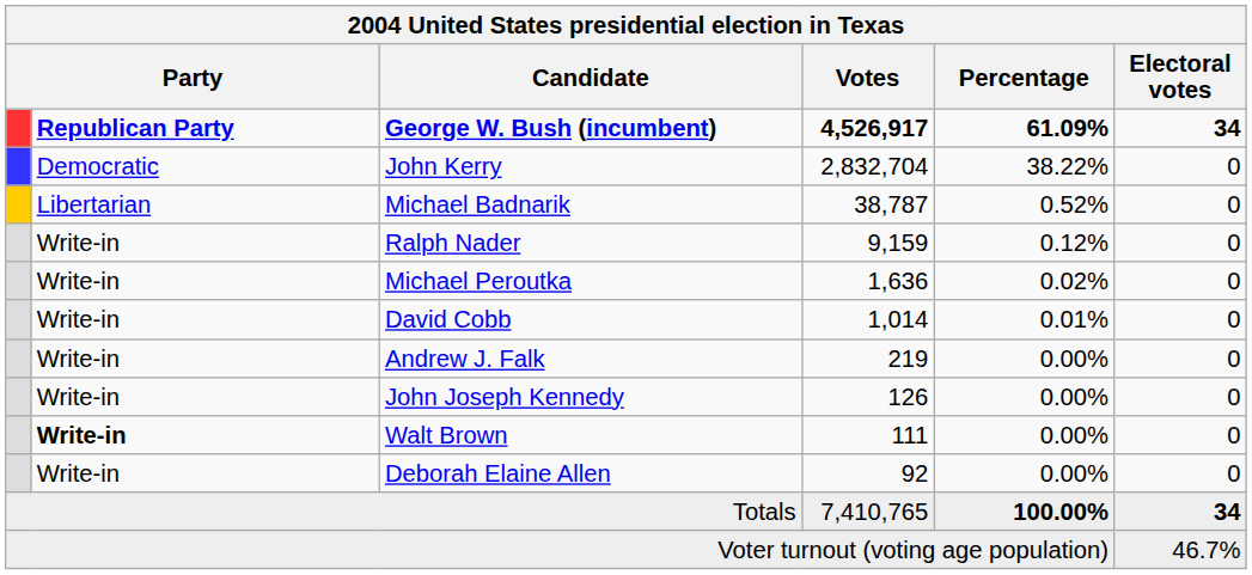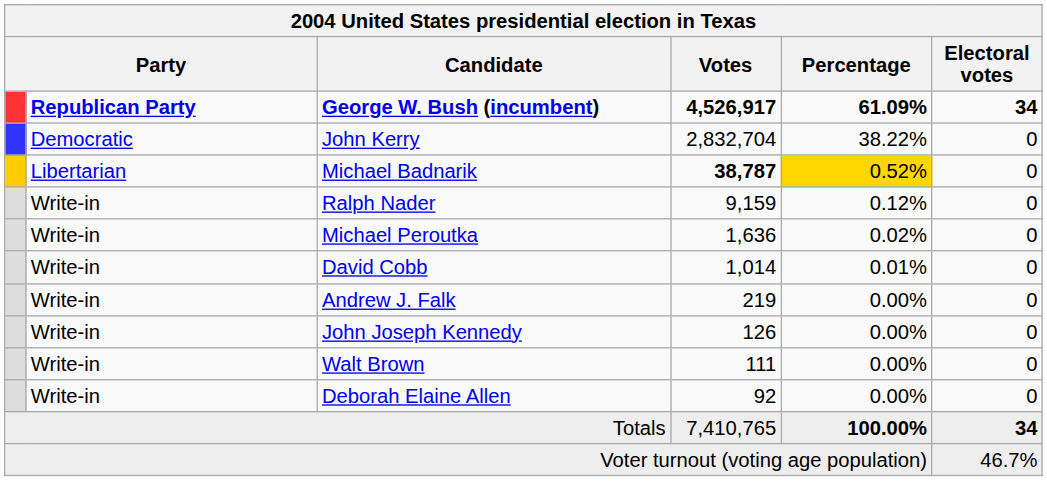 <table class="wikitable" style="font-size: 95%;">
 <tr>
 <th colspan="6">2004 United States presidential election in Texas</th>
 </tr>
 <tr>
 <th colspan="2" style="width: 15em">Party</th>
 <th style="width: 17em">Candidate</th>
 <th style="width: 5em">Votes</th>
 <th style="width: 7em">Percentage</th>
 <th style="width: 5em">Electoral votes</th>
 </tr>
 <tr>
 <th style="background:#f33; width:3px;"></th>
 <td style="width: 130px"><strong><a href='#'>Republican Party</a></strong></td>
 <td><strong><a href='#'>George W. Bush</a> (<a href='#'>incumbent</a>)</strong></td>
 <td style="text-align:right;"><strong>4,526,917</strong></td>
 <td style="text-align:right;"><strong>61.09%</strong></td>
 <td style="text-align:right;"><strong>34</strong></td>
 </tr>
 <tr>
 <th style="background:#33f; width:3px;"></th>
 <td style="width: 130px"><a href='#'>Democratic</a></td>
 <td><a href='#'>John Kerry</a></td>
 <td style="text-align:right;">2,832,704</td>
 <td style="text-align:right;">38.22%</td>
 <td style="text-align:right;">0</td>
 </tr>
 <tr>
 <th style="background:#fc0; width:3px;"></th>
 <td style="width: 130px"><a href='#'>Libertarian</a></td>
 <td><a href='#'>Michael Badnarik</a></td>
-<td style="text-align:right;">38,787</td>
-<td style="text-align:right;">0.52%</td>
+<td style="text-align:right;"><strong>38,787</strong></td>
+<td style="background: gold; text-align:right;">0.52%</td>
 <td style="text-align:right;">0</td>
 </tr>
 <tr>
 <th style="background:#ddd; width:3px;"></th>
 <td style="width: 130px">Write-in</td>
 <td><a href='#'>Ralph Nader</a></td>
 <td style="text-align:right;">9,159</td>
 <td style="text-align:right;">0.12%</td>
 <td style="text-align:right;">0</td>
 </tr>
 <tr>
 <th style="background:#ddd; width:3px;"></th>
 <td style="width: 130px">Write-in</td>
 <td><a href='#'>Michael Peroutka</a></td>
 <td style="text-align:right;">1,636</td>
 <td style="text-align:right;">0.02%</td>
 <td style="text-align:right;">0</td>
 </tr>
 <tr>
 <th style="background:#ddd; width:3px;"></th>
 <td style="width: 130px">Write-in</td>
 <td><a href='#'>David Cobb</a></td>
 <td style="text-align:right;">1,014</td>
 <td style="text-align:right;">0.01%</td>
 <td style="text-align:right;">0</td>
 </tr>
 <tr>
 <th style="background:#ddd; width:3px;"></th>
 <td style="width: 130px">Write-in</td>
 <td><a href='#'>Andrew J. Falk</a></td>
 <td style="text-align:right;">219</td>
 <td style="text-align:right;">0.00%</td>
 <td style="text-align:right;">0</td>
 </tr>
 <tr>
 <th style="background:#ddd; width:3px;"></th>
 <td style="width: 130px">Write-in</td>
 <td><a href='#'>John Joseph Kennedy</a></td>
 <td style="text-align:right;">126</td>
 <td style="text-align:right;">0.00%</td>
 <td style="text-align:right;">0</td>
 </tr>
 <tr>
 <th style="background:#ddd; width:3px;"></th>
-<td style="width: 130px"><strong>Write-in</strong></td>
+<td style="width: 130px">Write-in</td>
 <td><a href='#'>Walt Brown</a></td>
 <td style="text-align:right;">111</td>
 <td style="text-align:right;">0.00%</td>
 <td style="text-align:right;">0</td>
 </tr>
 <tr>
 <th style="background:#ddd; width:3px;"></th>
 <td style="width: 130px">Write-in</td>
 <td><a href='#'>Deborah Elaine Allen</a></td>
 <td style="text-align:right;">92</td>
 <td style="text-align:right;">0.00%</td>
 <td style="text-align:right;">0</td>
 </tr>
 <tr style="background:#eee; text-align:right;">
 <td colspan="3">Totals</td>
 <td>7,410,765</td>
 <td><strong>100.00%</strong></td>
 <td><strong>34</strong></td>
 </tr>
 <tr style="background:#eee; text-align:right;">
 <td colspan="5">Voter turnout (voting age population)</td>
 <td>46.7%</td>
 </tr>
 </table>
